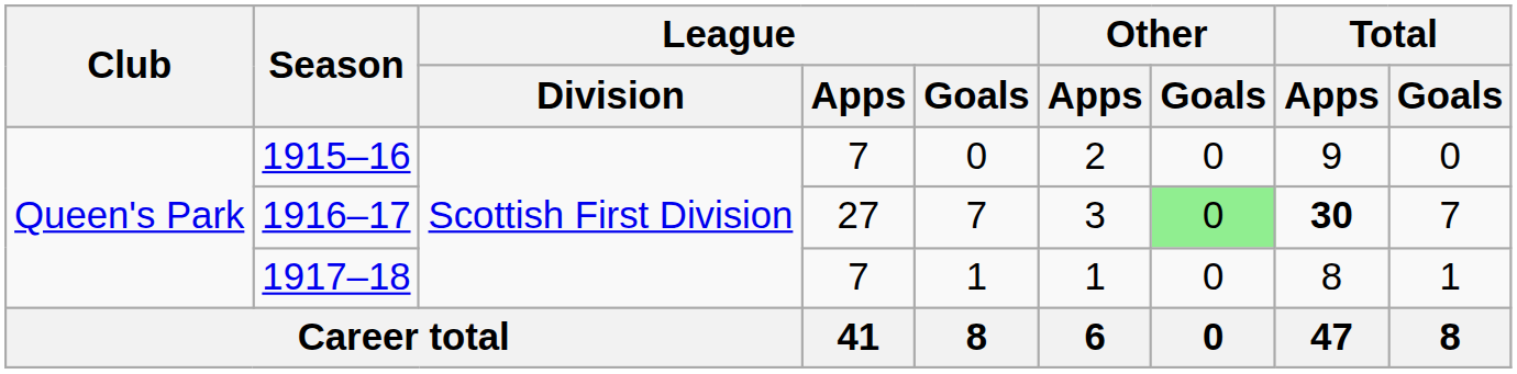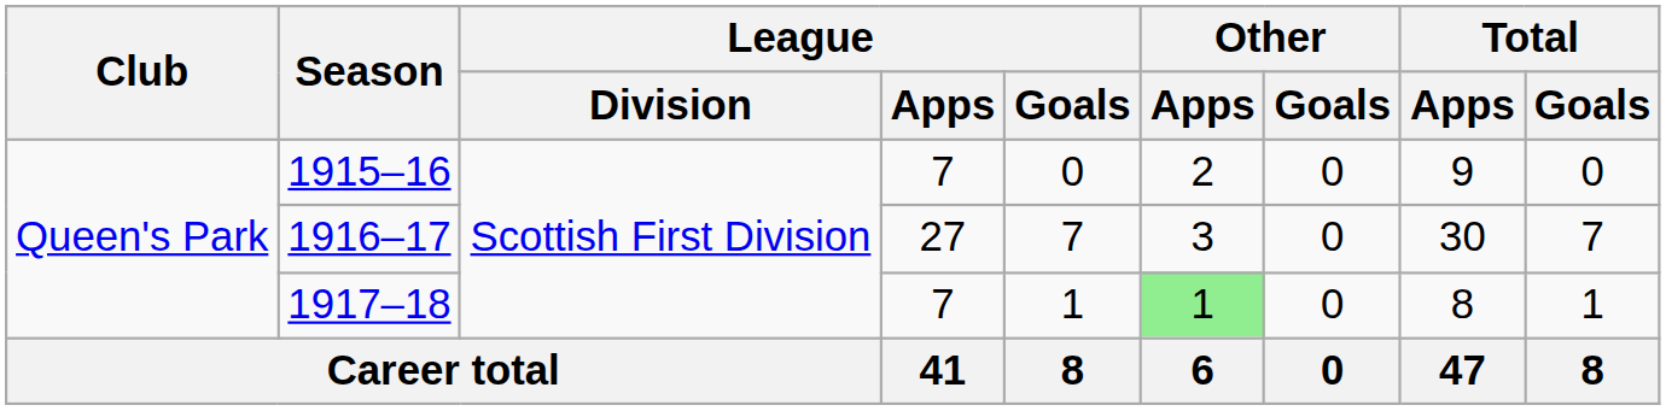 <table class="wikitable" style="text-align: center;">
 <tr>
 <th rowspan="2">Club</th>
 <th rowspan="2">Season</th>
 <th colspan="3">League</th>
 <th colspan="2">Other</th>
 <th colspan="2">Total</th>
 </tr>
 <tr>
 <th>Division</th>
 <th>Apps</th>
 <th>Goals</th>
 <th>Apps</th>
 <th>Goals</th>
 <th>Apps</th>
 <th>Goals</th>
 </tr>
 <tr>
 <td rowspan="3"><a href='#'>Queen's Park</a></td>
 <td><a href='#'>1915–16</a></td>
 <td rowspan="3"><a href='#'>Scottish First Division</a></td>
 <td>7</td>
 <td>0</td>
 <td>2</td>
 <td>0</td>
 <td>9</td>
 <td>0</td>
 </tr>
 <tr>
 <td><a href='#'>1916–17</a></td>
 <td>27</td>
 <td>7</td>
 <td>3</td>
-<td style="background: lightgreen;">0</td>
-<td><strong>30</strong></td>
+<td>0</td>
+<td>30</td>
 <td>7</td>
 </tr>
 <tr>
 <td><a href='#'>1917–18</a></td>
 <td>7</td>
 <td>1</td>
-<td>1</td>
+<td style="background: lightgreen;">1</td>
 <td>0</td>
 <td>8</td>
 <td>1</td>
 </tr>
 <tr>
 <th colspan="3">Career total</th>
 <th>41</th>
 <th>8</th>
 <th>6</th>
 <th>0</th>
 <th>47</th>
 <th>8</th>
 </tr>
 </table>
